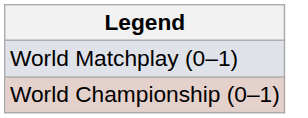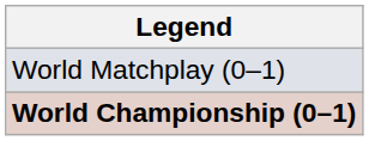 <table class="wikitable">
 <tr>
 <th>Legend</th>
 </tr>
 <tr style="background:#dfe2e9;">
 <td>World Matchplay (0–1)</td>
 </tr>
 <tr style="background:#e5d1cb;">
-<td>World Championship (0–1)</td>
+<td><strong>World Championship (0–1)</strong></td>
 </tr>
 </table>
